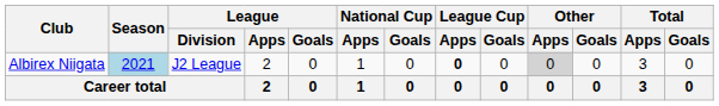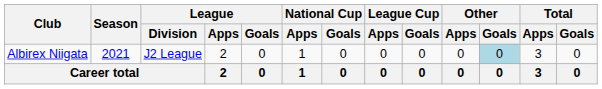 <table class="wikitable" style="text-align:center">
 <tr>
 <th rowspan="2">Club</th>
 <th rowspan="2">Season</th>
 <th colspan="3">League</th>
 <th colspan="2">National Cup</th>
 <th colspan="2">League Cup</th>
 <th colspan="2">Other</th>
 <th colspan="2">Total</th>
 </tr>
 <tr>
 <th>Division</th>
 <th>Apps</th>
 <th>Goals</th>
 <th>Apps</th>
 <th>Goals</th>
 <th>Apps</th>
 <th>Goals</th>
 <th>Apps</th>
 <th>Goals</th>
 <th>Apps</th>
 <th>Goals</th>
 </tr>
 <tr>
 <td><a href='#'>Albirex Niigata</a></td>
-<td style="background: lightblue;"><a href='#'>2021</a></td>
+<td><a href='#'>2021</a></td>
 <td><a href='#'>J2 League</a></td>
 <td>2</td>
 <td>0</td>
 <td>1</td>
 <td>0</td>
-<td><strong>0</strong></td>
 <td>0</td>
-<td style="background: lightgrey;">0</td>
 <td>0</td>
+<td>0</td>
+<td style="background: lightblue;">0</td>
 <td>3</td>
 <td>0</td>
 </tr>
 <tr>
 <th colspan=3>Career total</th>
 <th>2</th>
 <th>0</th>
 <th>1</th>
 <th>0</th>
 <th>0</th>
 <th>0</th>
 <th>0</th>
 <th>0</th>
 <th>3</th>
 <th>0</th>
 </tr>
 </table>
